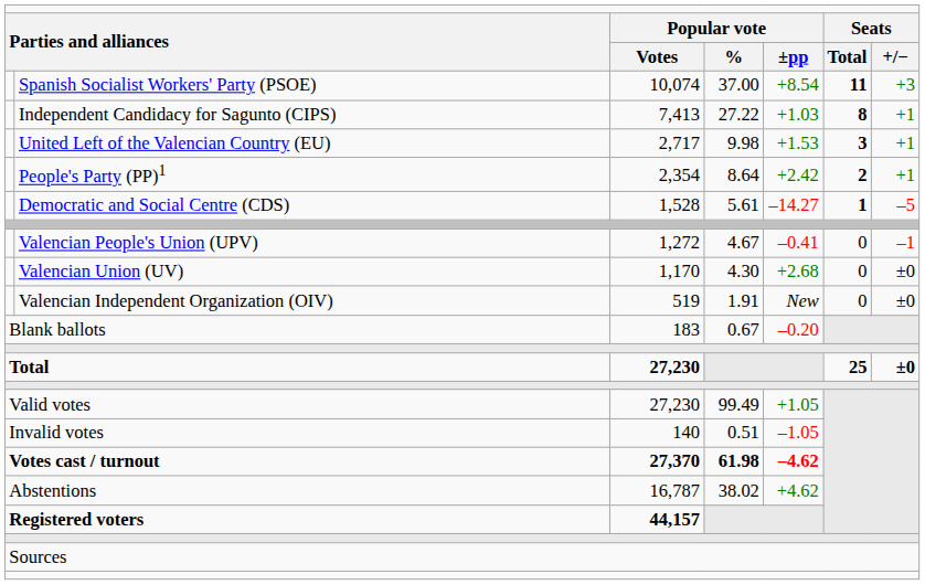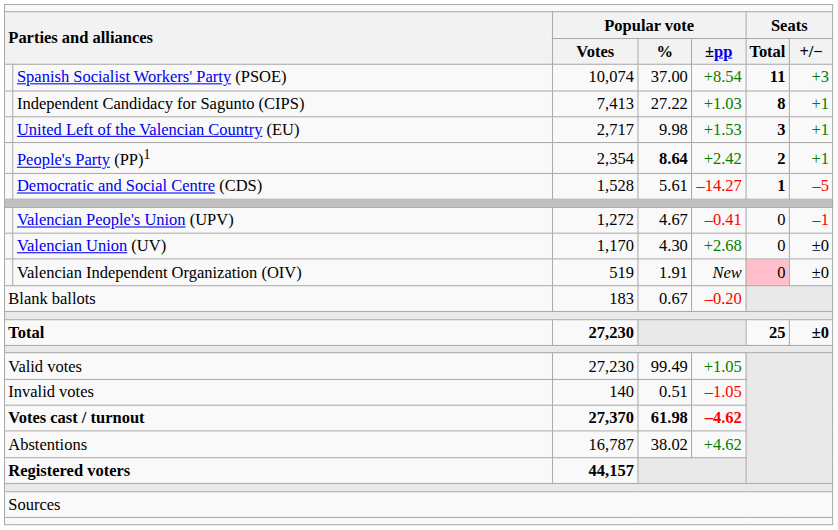 <table class="wikitable" style="text-align:right;">
 <tr>
 <td colspan="7"></td>
 </tr>
 <tr>
 <th style="text-align:left;" rowspan="2" colspan="2" width="525">Parties and alliances</th>
 <th colspan="3">Popular vote</th>
 <th colspan="2">Seats</th>
 </tr>
 <tr>
 <th width="75">Votes</th>
 <th width="45">%</th>
 <th width="45">±<a href='#'>pp</a></th>
 <th width="35">Total</th>
 <th width="35">+/−</th>
 </tr>
 <tr>
 <td width="1" style="color:inherit;background:"></td>
 <td align="left"><a href='#'>Spanish Socialist Workers' Party</a> (PSOE)</td>
 <td>10,074</td>
 <td>37.00</td>
 <td style="color:green;">+8.54</td>
 <td><strong>11</strong></td>
 <td style="color:green;">+3</td>
 </tr>
 <tr>
 <td style="color:inherit;background:"></td>
 <td align="left">Independent Candidacy for Sagunto (CIPS)</td>
 <td>7,413</td>
 <td>27.22</td>
 <td style="color:green;">+1.03</td>
 <td><strong>8</strong></td>
 <td style="color:green;">+1</td>
 </tr>
 <tr>
 <td style="color:inherit;background:"></td>
 <td align="left"><a href='#'>United Left of the Valencian Country</a> (EU)</td>
 <td>2,717</td>
 <td>9.98</td>
 <td style="color:green;">+1.53</td>
 <td><strong>3</strong></td>
 <td style="color:green;">+1</td>
 </tr>
 <tr>
 <td style="color:inherit;background:"></td>
 <td align="left"><a href='#'>People's Party</a> (PP)<sup>1</sup></td>
 <td>2,354</td>
-<td>8.64</td>
+<td><strong>8.64</strong></td>
 <td style="color:green;">+2.42</td>
 <td><strong>2</strong></td>
 <td style="color:green;">+1</td>
 </tr>
 <tr>
 <td style="color:inherit;background:"></td>
 <td align="left"><a href='#'>Democratic and Social Centre</a> (CDS)</td>
 <td>1,528</td>
 <td>5.61</td>
 <td style="color:red;">–14.27</td>
 <td><strong>1</strong></td>
 <td style="color:red;">–5</td>
 </tr>
 <tr>
 <td colspan="7" bgcolor="#C0C0C0"></td>
 </tr>
 <tr>
 <td style="color:inherit;background:"></td>
 <td align="left"><a href='#'>Valencian People's Union</a> (UPV)</td>
 <td>1,272</td>
 <td>4.67</td>
 <td style="color:red;">–0.41</td>
 <td>0</td>
 <td style="color:red;">–1</td>
 </tr>
 <tr>
 <td style="color:inherit;background:"></td>
 <td align="left"><a href='#'>Valencian Union</a> (UV)</td>
 <td>1,170</td>
 <td>4.30</td>
 <td style="color:green;">+2.68</td>
 <td>0</td>
 <td>±0</td>
 </tr>
 <tr>
 <td style="color:inherit;background:"></td>
 <td align="left">Valencian Independent Organization (OIV)</td>
 <td>519</td>
 <td>1.91</td>
 <td><em>New</em></td>
-<td>0</td>
+<td style="background: pink;">0</td>
 <td>±0</td>
 </tr>
 <tr>
 <td align="left" colspan="2">Blank ballots</td>
 <td>183</td>
 <td>0.67</td>
 <td style="color:red;">–0.20</td>
 <td bgcolor="#E9E9E9" colspan="2"></td>
 </tr>
 <tr>
 <td colspan="7" bgcolor="#E9E9E9"></td>
 </tr>
 <tr style="font-weight:bold;">
 <td align="left" colspan="2">Total</td>
 <td>27,230</td>
 <td bgcolor="#E9E9E9" colspan="2"></td>
 <td>25</td>
 <td>±0</td>
 </tr>
 <tr>
 <td colspan="7" bgcolor="#E9E9E9"></td>
 </tr>
 <tr>
 <td align="left" colspan="2">Valid votes</td>
 <td>27,230</td>
 <td>99.49</td>
 <td style="color:green;">+1.05</td>
 <td bgcolor="#E9E9E9" colspan="2" rowspan="5"></td>
 </tr>
 <tr>
 <td align="left" colspan="2">Invalid votes</td>
 <td>140</td>
 <td>0.51</td>
 <td style="color:red;">–1.05</td>
 </tr>
 <tr style="font-weight:bold;">
 <td align="left" colspan="2">Votes cast / turnout</td>
 <td>27,370</td>
 <td>61.98</td>
 <td style="color:red;">–4.62</td>
 </tr>
 <tr>
 <td align="left" colspan="2">Abstentions</td>
 <td>16,787</td>
 <td>38.02</td>
 <td style="color:green;">+4.62</td>
 </tr>
 <tr style="font-weight:bold;">
 <td align="left" colspan="2">Registered voters</td>
 <td>44,157</td>
 <td bgcolor="#E9E9E9" colspan="2"></td>
 </tr>
 <tr>
 <td colspan="7" bgcolor="#E9E9E9"></td>
 </tr>
 <tr>
 <td align="left" colspan="7">Sources</td>
 </tr>
 <tr>
 <td colspan="7" style="text-align:left; max-width:790px;"></td>
 </tr>
 </table>
